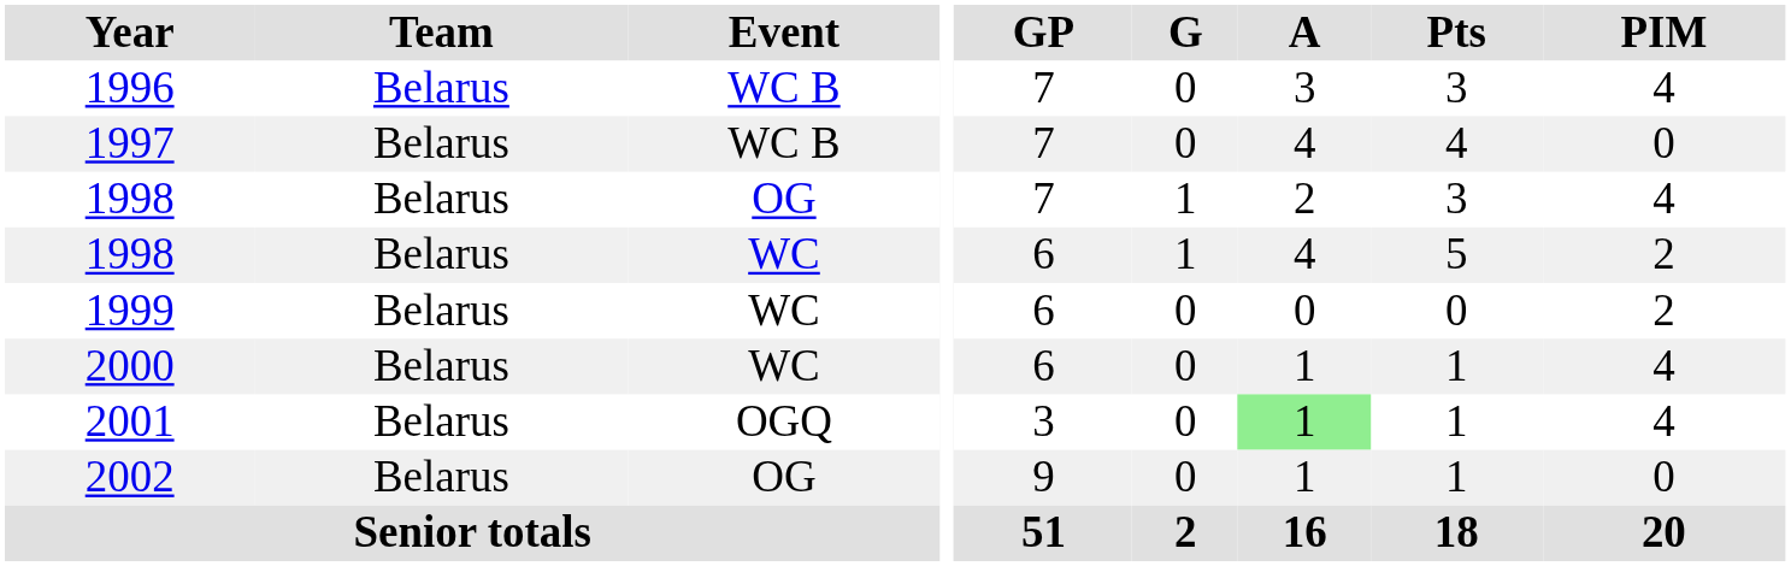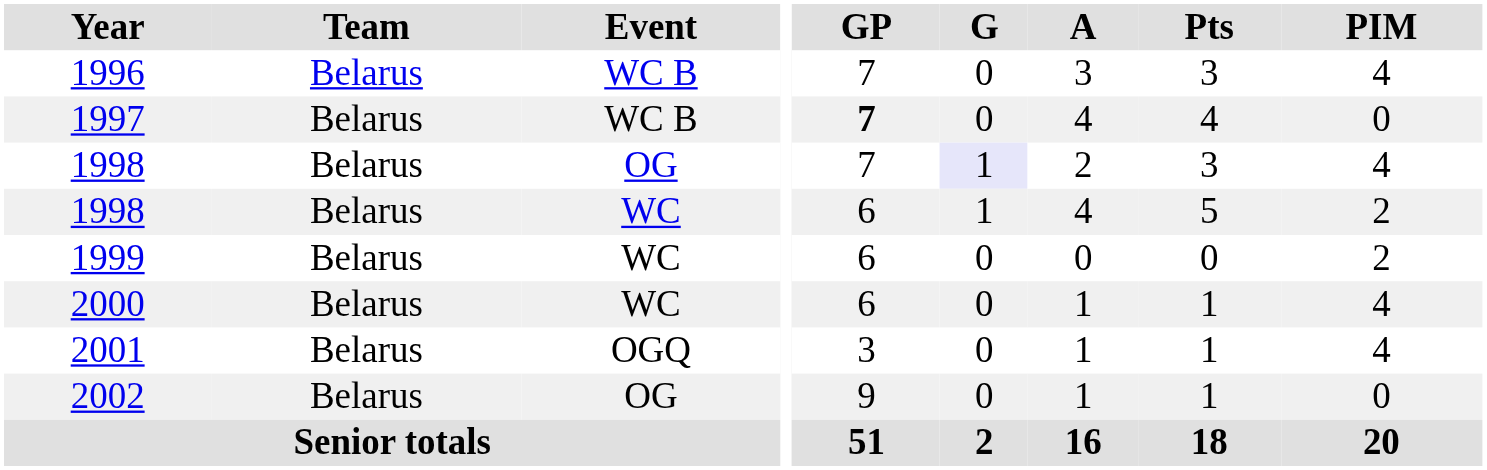 <table border="0" cellpadding="1" cellspacing="0" style="text-align:center; width:40em">
 <tr bgcolor="#e0e0e0">
 <th>Year</th>
 <th>Team</th>
 <th>Event</th>
 <th rowspan="99" bgcolor="#ffffff"></th>
 <th>GP</th>
 <th>G</th>
 <th>A</th>
 <th>Pts</th>
 <th>PIM</th>
 </tr>
 <tr>
 <td><a href='#'>1996</a></td>
 <td><a href='#'>Belarus</a></td>
 <td><a href='#'>WC B</a></td>
 <td>7</td>
 <td>0</td>
 <td>3</td>
 <td>3</td>
 <td>4</td>
 </tr>
 <tr bgcolor="#f0f0f0">
 <td><a href='#'>1997</a></td>
 <td>Belarus</td>
 <td>WC B</td>
-<td>7</td>
+<td><strong>7</strong></td>
 <td>0</td>
 <td>4</td>
 <td>4</td>
 <td>0</td>
 </tr>
 <tr>
 <td><a href='#'>1998</a></td>
 <td>Belarus</td>
 <td><a href='#'>OG</a></td>
 <td>7</td>
-<td>1</td>
+<td style="background: lavender;">1</td>
 <td>2</td>
 <td>3</td>
 <td>4</td>
 </tr>
 <tr bgcolor="#f0f0f0">
 <td><a href='#'>1998</a></td>
 <td>Belarus</td>
 <td><a href='#'>WC</a></td>
 <td>6</td>
 <td>1</td>
 <td>4</td>
 <td>5</td>
 <td>2</td>
 </tr>
 <tr>
 <td><a href='#'>1999</a></td>
 <td>Belarus</td>
 <td>WC</td>
 <td>6</td>
 <td>0</td>
 <td>0</td>
 <td>0</td>
 <td>2</td>
 </tr>
 <tr bgcolor="#f0f0f0">
 <td><a href='#'>2000</a></td>
 <td>Belarus</td>
 <td>WC</td>
 <td>6</td>
 <td>0</td>
 <td>1</td>
 <td>1</td>
 <td>4</td>
 </tr>
 <tr>
 <td><a href='#'>2001</a></td>
 <td>Belarus</td>
 <td>OGQ</td>
 <td>3</td>
 <td>0</td>
-<td style="background: lightgreen;">1</td>
+<td>1</td>
 <td>1</td>
 <td>4</td>
 </tr>
 <tr bgcolor="#f0f0f0">
 <td><a href='#'>2002</a></td>
 <td>Belarus</td>
 <td>OG</td>
 <td>9</td>
 <td>0</td>
 <td>1</td>
 <td>1</td>
 <td>0</td>
 </tr>
 <tr bgcolor="#e0e0e0">
 <th colspan="3">Senior totals</th>
 <th>51</th>
 <th>2</th>
 <th>16</th>
 <th>18</th>
 <th>20</th>
 </tr>
 </table>
